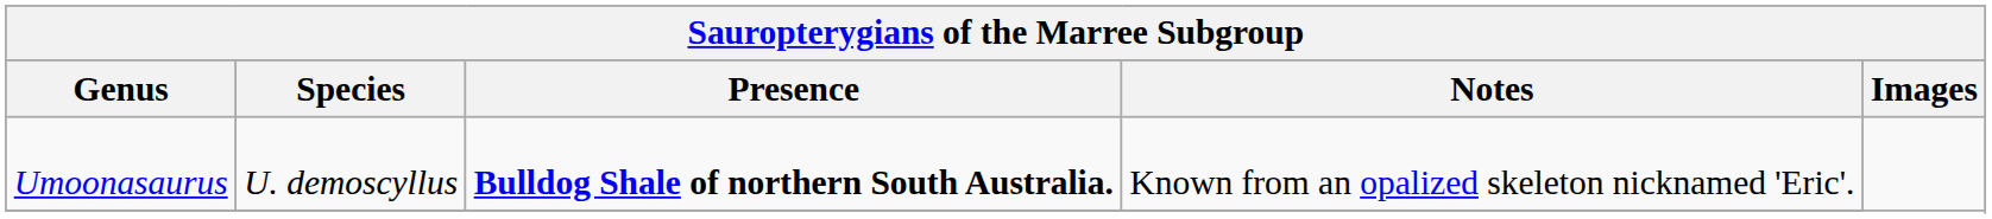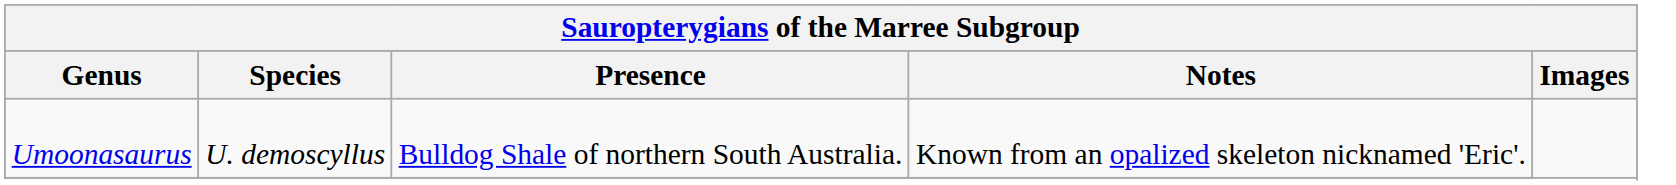 <table class="wikitable" align="center">
 <tr>
 <th colspan="5" align="center"><strong><a href='#'>Sauropterygians</a> of the Marree Subgroup</strong></th>
 </tr>
 <tr>
 <th>Genus</th>
 <th>Species</th>
 <th>Presence</th>
 <th>Notes</th>
 <th>Images</th>
 </tr>
 <tr>
 <td><br><em><a href='#'>Umoonasaurus</a></em></td>
 <td><br><em>U. demoscyllus</em></td>
-<td><strong><br><a href='#'>Bulldog Shale</a> of northern South Australia.</strong></td>
+<td><br><a href='#'>Bulldog Shale</a> of northern South Australia.</td>
 <td><br>Known from an <a href='#'>opalized</a> skeleton nicknamed 'Eric'.</td>
 <td rowspan="99"><br></td>
 </tr>
 <tr>
 </tr>
 </table>
